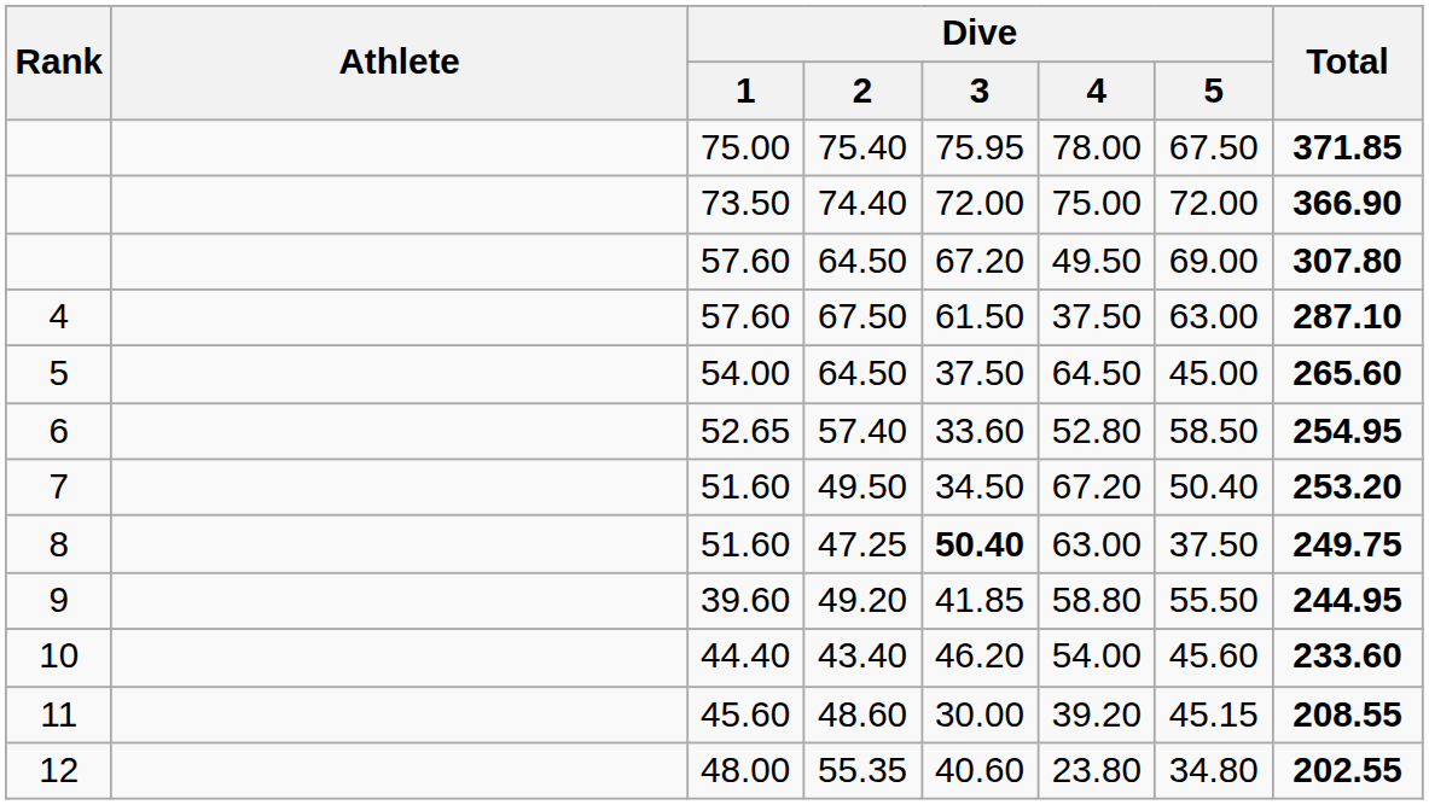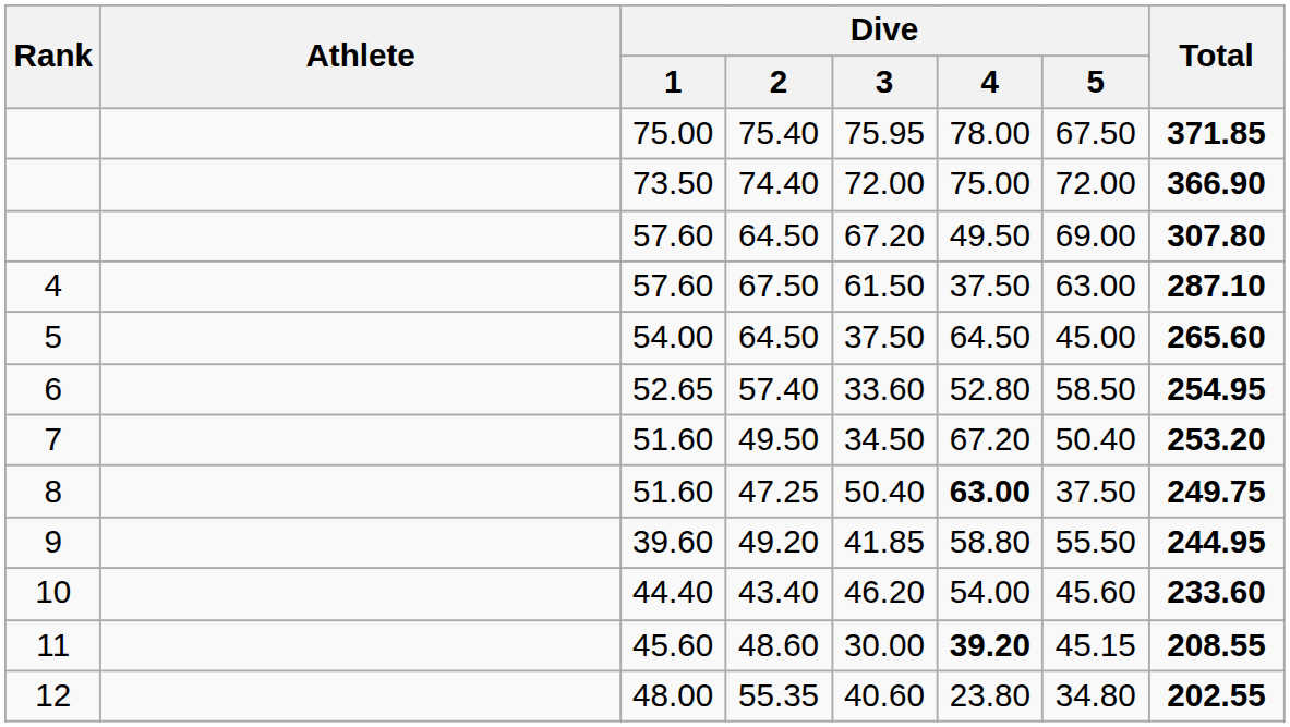 <table class=wikitable style="text-align:center">
 <tr>
 <th rowspan="2" width=40>Rank</th>
 <th rowspan="2" width=250>Athlete</th>
 <th colspan="5">Dive</th>
 <th rowspan="2" width=60>Total</th>
 </tr>
 <tr>
 <th width=45>1</th>
 <th width=45>2</th>
 <th width=45>3</th>
 <th width=45>4</th>
 <th width=45>5</th>
 </tr>
 <tr>
 <td></td>
 <td align=left></td>
 <td>75.00</td>
 <td>75.40</td>
 <td>75.95</td>
 <td>78.00</td>
 <td>67.50</td>
 <td><strong>371.85</strong></td>
 </tr>
 <tr>
 <td></td>
 <td align=left></td>
 <td>73.50</td>
 <td>74.40</td>
 <td>72.00</td>
 <td>75.00</td>
 <td>72.00</td>
 <td><strong>366.90</strong></td>
 </tr>
 <tr>
 <td></td>
 <td align=left></td>
 <td>57.60</td>
 <td>64.50</td>
 <td>67.20</td>
 <td>49.50</td>
 <td>69.00</td>
 <td><strong>307.80</strong></td>
 </tr>
 <tr>
 <td>4</td>
 <td align=left></td>
 <td>57.60</td>
 <td>67.50</td>
 <td>61.50</td>
 <td>37.50</td>
 <td>63.00</td>
 <td><strong>287.10</strong></td>
 </tr>
 <tr>
 <td>5</td>
 <td align=left></td>
 <td>54.00</td>
 <td>64.50</td>
 <td>37.50</td>
 <td>64.50</td>
 <td>45.00</td>
 <td><strong>265.60</strong></td>
 </tr>
 <tr>
 <td>6</td>
 <td align=left></td>
 <td>52.65</td>
 <td>57.40</td>
 <td>33.60</td>
 <td>52.80</td>
 <td>58.50</td>
 <td><strong>254.95</strong></td>
 </tr>
 <tr>
 <td>7</td>
 <td align=left></td>
 <td>51.60</td>
 <td>49.50</td>
 <td>34.50</td>
 <td>67.20</td>
 <td>50.40</td>
 <td><strong>253.20</strong></td>
 </tr>
 <tr>
 <td>8</td>
 <td align=left></td>
 <td>51.60</td>
 <td>47.25</td>
-<td><strong>50.40</strong></td>
-<td>63.00</td>
+<td>50.40</td>
+<td><strong>63.00</strong></td>
 <td>37.50</td>
 <td><strong>249.75</strong></td>
 </tr>
 <tr>
 <td>9</td>
 <td align=left></td>
 <td>39.60</td>
 <td>49.20</td>
 <td>41.85</td>
 <td>58.80</td>
 <td>55.50</td>
 <td><strong>244.95</strong></td>
 </tr>
 <tr>
 <td>10</td>
 <td align=left></td>
 <td>44.40</td>
 <td>43.40</td>
 <td>46.20</td>
 <td>54.00</td>
 <td>45.60</td>
 <td><strong>233.60</strong></td>
 </tr>
 <tr>
 <td>11</td>
 <td align=left></td>
 <td>45.60</td>
 <td>48.60</td>
 <td>30.00</td>
-<td>39.20</td>
+<td><strong>39.20</strong></td>
 <td>45.15</td>
 <td><strong>208.55</strong></td>
 </tr>
 <tr>
 <td>12</td>
 <td align=left></td>
 <td>48.00</td>
 <td>55.35</td>
 <td>40.60</td>
 <td>23.80</td>
 <td>34.80</td>
 <td><strong>202.55</strong></td>
 </tr>
 </table>
